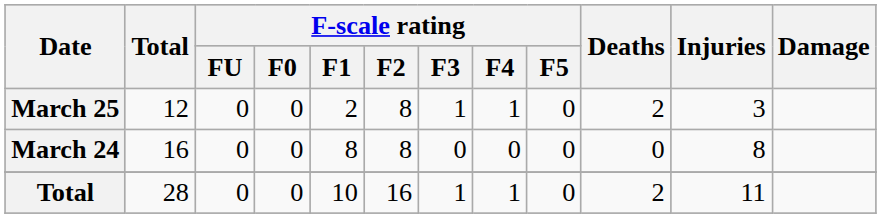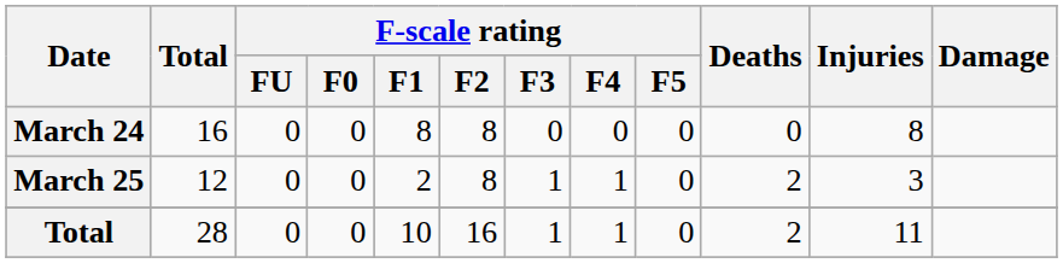 <table class="wikitable sortable" style="margin: 1em auto 1em auto;">
 <tr>
 <th scope="col" rowspan="2">Date</th>
 <th scope="col" rowspan="2" align="center">Total</th>
 <th scope="col" colspan="7" align="center"><a href='#'>F-scale</a> rating</th>
 <th scope="col" rowspan="2" align="center">Deaths</th>
 <th scope="col" rowspan="2" align="center">Injuries</th>
 <th scope="col" rowspan="2" align="center">Damage</th>
 </tr>
 <tr>
 <th scope="col" align="center"> FU </th>
 <th scope="col" align="center"> F0 </th>
 <th scope="col" align="center"> F1 </th>
 <th scope="col" align="center"> F2 </th>
 <th scope="col" align="center"> F3 </th>
 <th scope="col" align="center"> F4 </th>
 <th scope="col" align="center"> F5 </th>
 </tr>
 <tr>
+<th scope="row">March 24</th>
+<td align="right">16</td>
+<td align="right">0</td>
+<td align="right">0</td>
+<td align="right">8</td>
+<td align="right">8</td>
+<td align="right">0</td>
+<td align="right">0</td>
+<td align="right">0</td>
+<td align="right">0</td>
+<td align="right">8</td>
+<td align="right"></td>
+</tr>
+<tr>
 <th scope="row">March 25</th>
 <td align="right">12</td>
 <td align="right">0</td>
 <td align="right">0</td>
 <td align="right">2</td>
 <td align="right">8</td>
 <td align="right">1</td>
 <td align="right">1</td>
 <td align="right">0</td>
 <td align="right">2</td>
 <td align="right">3</td>
-<td align="right"></td>
-</tr>
-<tr>
-<th scope="row">March 24</th>
-<td align="right">16</td>
-<td align="right">0</td>
-<td align="right">0</td>
-<td align="right">8</td>
-<td align="right">8</td>
-<td align="right">0</td>
-<td align="right">0</td>
-<td align="right">0</td>
-<td align="right">0</td>
-<td align="right">8</td>
 <td align="right"></td>
 </tr>
 <tr>
 </tr>
 <tr class="sortbottom">
 <th scope="row">Total</th>
 <td align="right">28</td>
 <td align="right">0</td>
 <td align="right">0</td>
 <td align="right">10</td>
 <td align="right">16</td>
 <td align="right">1</td>
 <td align="right">1</td>
 <td align="right">0</td>
 <td align="right">2</td>
 <td align="right">11</td>
 <td align="right"></td>
 </tr>
 </table>
